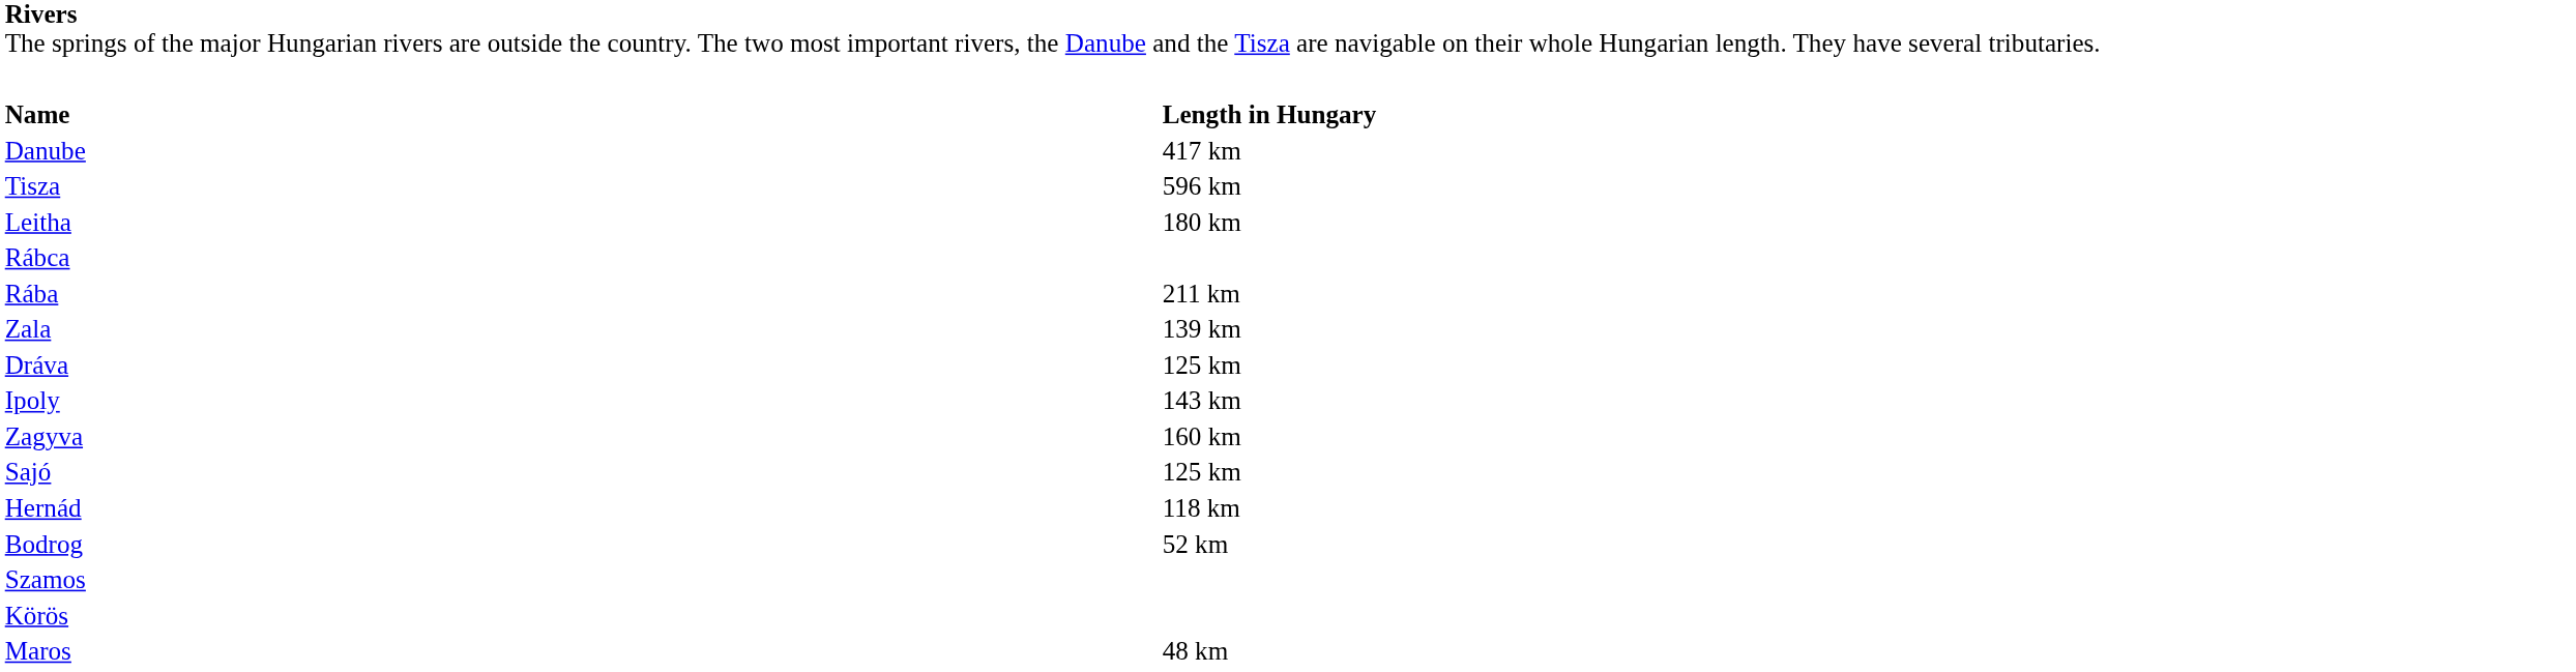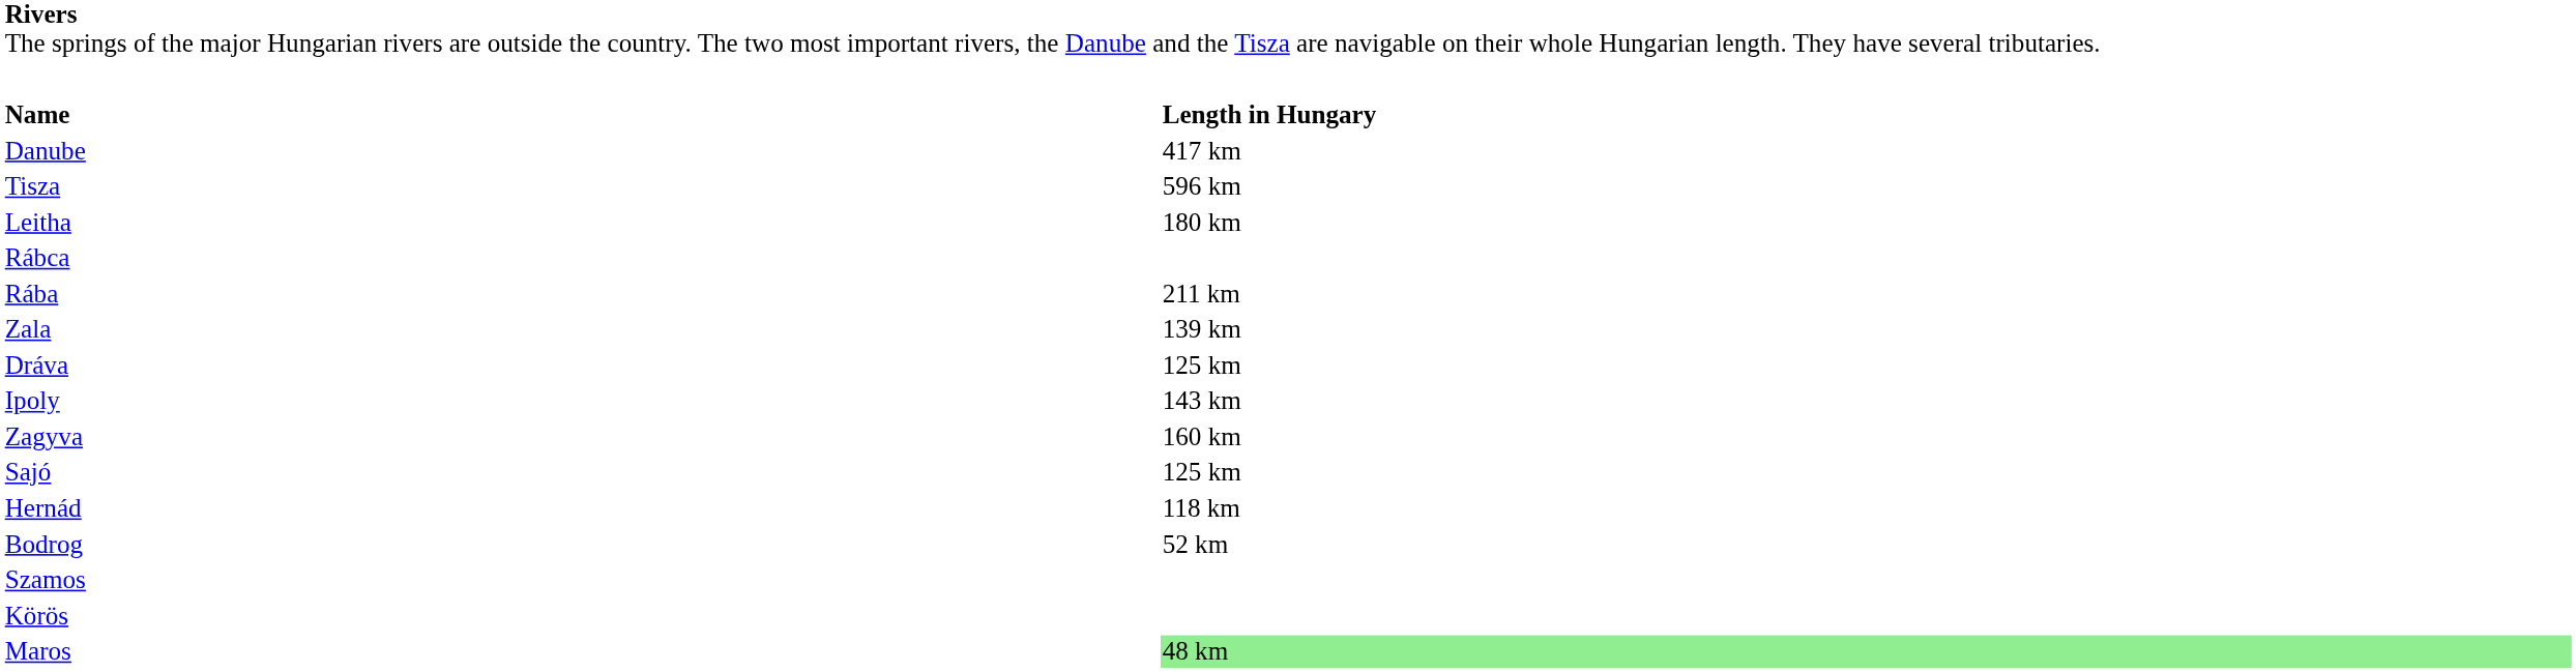 <table border=0 width=100%>
 <tr>
 <td colspan=2><strong>Rivers</strong><br>The springs of the major Hungarian rivers are outside the country. The two most important rivers, the <a href='#'>Danube</a> and the <a href='#'>Tisza</a> are navigable on their whole Hungarian length. They have several tributaries.</td>
 </tr>
 <tr>
 <td colspan=2> </td>
 </tr>
 <tr>
 <td width=45%><strong>Name</strong></td>
 <td><strong>Length in Hungary</strong></td>
 </tr>
 <tr>
 <td><a href='#'>Danube</a></td>
 <td>417 km</td>
 </tr>
 <tr>
 <td><a href='#'>Tisza</a></td>
 <td>596 km</td>
 </tr>
 <tr>
 <td><a href='#'>Leitha</a></td>
 <td>180 km</td>
 </tr>
 <tr>
 <td><a href='#'>Rábca</a></td>
 <td></td>
 </tr>
 <tr>
 <td><a href='#'>Rába</a></td>
 <td>211 km</td>
 </tr>
 <tr>
 <td><a href='#'>Zala</a></td>
 <td>139 km</td>
 </tr>
 <tr>
 <td><a href='#'>Dráva</a></td>
 <td>125 km</td>
 </tr>
 <tr>
 <td><a href='#'>Ipoly</a></td>
 <td>143 km</td>
 </tr>
 <tr>
 <td><a href='#'>Zagyva</a></td>
 <td>160 km</td>
 </tr>
 <tr>
 <td><a href='#'>Sajó</a></td>
 <td>125 km</td>
 </tr>
 <tr>
 <td><a href='#'>Hernád</a></td>
 <td>118 km</td>
 </tr>
 <tr>
 <td><a href='#'>Bodrog</a></td>
 <td>52 km</td>
 </tr>
 <tr>
 <td><a href='#'>Szamos</a></td>
 <td></td>
 </tr>
 <tr>
 <td><a href='#'>Körös</a></td>
 <td></td>
 </tr>
 <tr>
 <td><a href='#'>Maros</a></td>
-<td>48 km</td>
+<td style="background: lightgreen;">48 km</td>
 </tr>
 <tr>
 </tr>
 </table>
